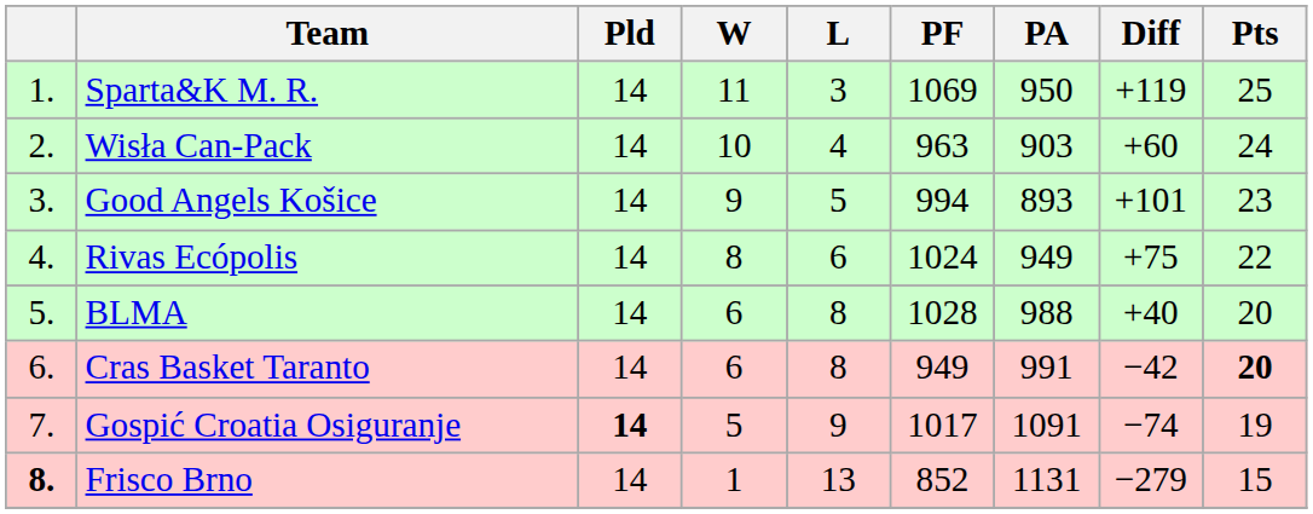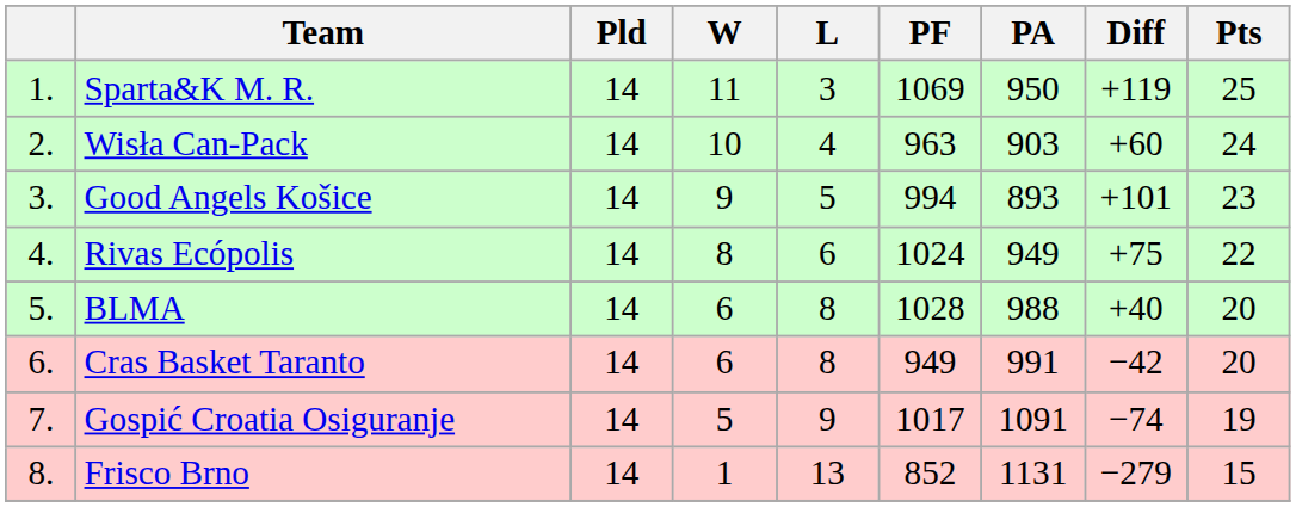 <table class="wikitable" style="text-align:center">
 <tr>
 <th width=25></th>
 <th width=220>Team</th>
 <th width=40>Pld</th>
 <th width=40>W</th>
 <th width=40>L</th>
 <th width=40>PF</th>
 <th width=40>PA</th>
 <th width=40>Diff</th>
 <th width=40>Pts</th>
 </tr>
 <tr style="background:#ccffcc;">
 <td>1.</td>
 <td align=left> <a href='#'>Sparta&K M. R.</a></td>
 <td>14</td>
 <td>11</td>
 <td>3</td>
 <td>1069</td>
 <td>950</td>
 <td>+119</td>
 <td>25</td>
 </tr>
 <tr style="background:#ccffcc;">
 <td>2.</td>
 <td align=left> <a href='#'>Wisła Can-Pack</a></td>
 <td>14</td>
 <td>10</td>
 <td>4</td>
 <td>963</td>
 <td>903</td>
 <td>+60</td>
 <td>24</td>
 </tr>
 <tr style="background:#ccffcc;">
 <td>3.</td>
 <td align=left> <a href='#'>Good Angels Košice</a></td>
 <td>14</td>
 <td>9</td>
 <td>5</td>
 <td>994</td>
 <td>893</td>
 <td>+101</td>
 <td>23</td>
 </tr>
 <tr style="background:#ccffcc;">
 <td>4.</td>
 <td align=left> <a href='#'>Rivas Ecópolis</a></td>
 <td>14</td>
 <td>8</td>
 <td>6</td>
 <td>1024</td>
 <td>949</td>
 <td>+75</td>
 <td>22</td>
 </tr>
 <tr style="background:#ccffcc;">
 <td>5.</td>
 <td align=left> <a href='#'>BLMA</a></td>
 <td>14</td>
 <td>6</td>
 <td>8</td>
 <td>1028</td>
 <td>988</td>
 <td>+40</td>
 <td>20</td>
 </tr>
 <tr style="background: #ffcccc;">
 <td>6.</td>
 <td align=left> <a href='#'>Cras Basket Taranto</a></td>
 <td>14</td>
 <td>6</td>
 <td>8</td>
 <td>949</td>
 <td>991</td>
 <td>−42</td>
-<td><strong>20</strong></td>
+<td>20</td>
 </tr>
 <tr style="background: #ffcccc;">
 <td>7.</td>
 <td align=left> <a href='#'>Gospić Croatia Osiguranje</a></td>
-<td><strong>14</strong></td>
+<td>14</td>
 <td>5</td>
 <td>9</td>
 <td>1017</td>
 <td>1091</td>
 <td>−74</td>
 <td>19</td>
 </tr>
 <tr style="background: #ffcccc;">
-<td><strong>8.</strong></td>
+<td>8.</td>
 <td align=left> <a href='#'>Frisco Brno</a></td>
 <td>14</td>
 <td>1</td>
 <td>13</td>
 <td>852</td>
 <td>1131</td>
 <td>−279</td>
 <td>15</td>
 </tr>
 <tr>
 </tr>
 </table>
